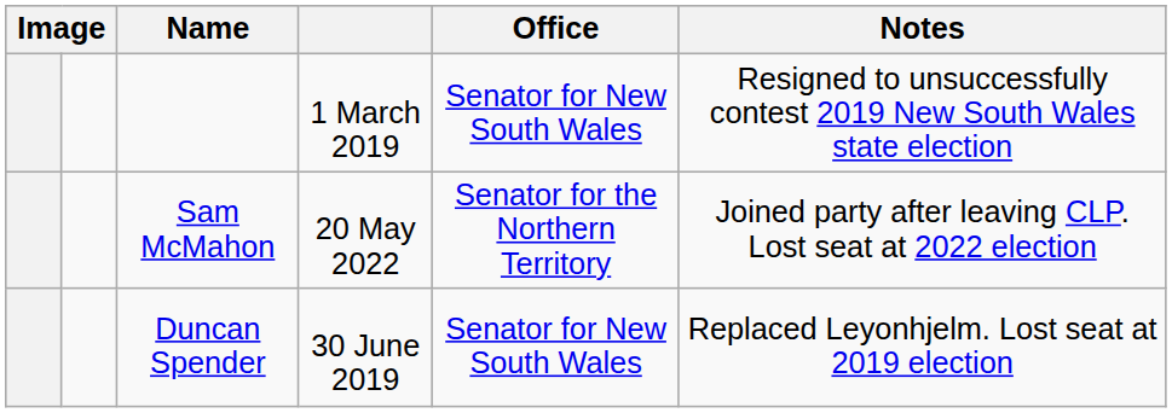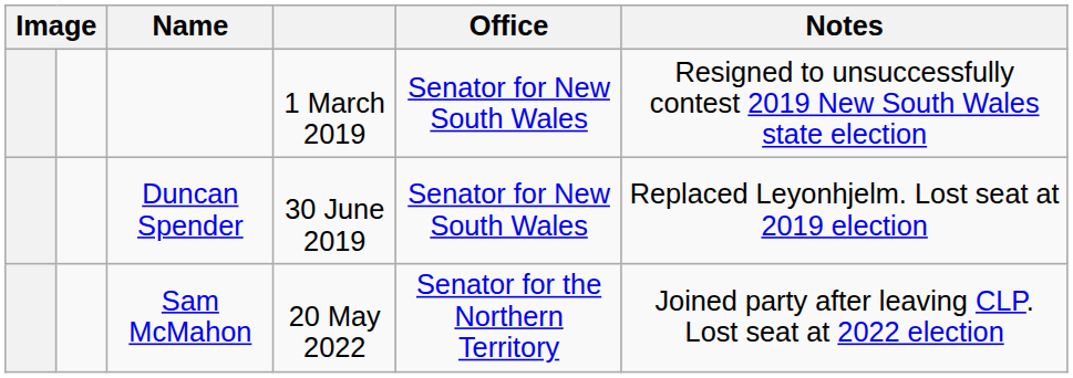 <table class="wikitable" style="text-align:center">
 <tr>
 <th colspan="2"; width=60>Image</th>
 <th>Name</th>
 <th></th>
 <th>Office</th>
 <th>Notes</th>
 </tr>
 <tr>
 <th style="background:"></th>
 <td></td>
 <td></td>
 <td><br>1 March 2019</td>
 <td><a href='#'>Senator for New South Wales</a></td>
 <td>Resigned to unsuccessfully contest <a href='#'>2019 New South Wales state election</a></td>
 </tr>
 <tr>
 <th style="background:"></th>
 <td></td>
+<td><a href='#'>Duncan Spender</a></td>
+<td><br>30 June 2019</td>
+<td><a href='#'>Senator for New South Wales</a></td>
+<td>Replaced Leyonhjelm. Lost seat at <a href='#'>2019 election</a></td>
+</tr>
+<tr>
+<th style="background:"></th>
+<td></td>
 <td><a href='#'>Sam McMahon</a></td>
 <td><br>20 May 2022</td>
 <td><a href='#'>Senator for the Northern Territory</a></td>
 <td>Joined party after leaving <a href='#'>CLP</a>. Lost seat at <a href='#'>2022 election</a></td>
 </tr>
-<tr>
-<th style="background:"></th>
-<td></td>
-<td><a href='#'>Duncan Spender</a></td>
-<td><br>30 June 2019</td>
-<td><a href='#'>Senator for New South Wales</a></td>
-<td>Replaced Leyonhjelm. Lost seat at <a href='#'>2019 election</a></td>
-</tr>
 </table>
